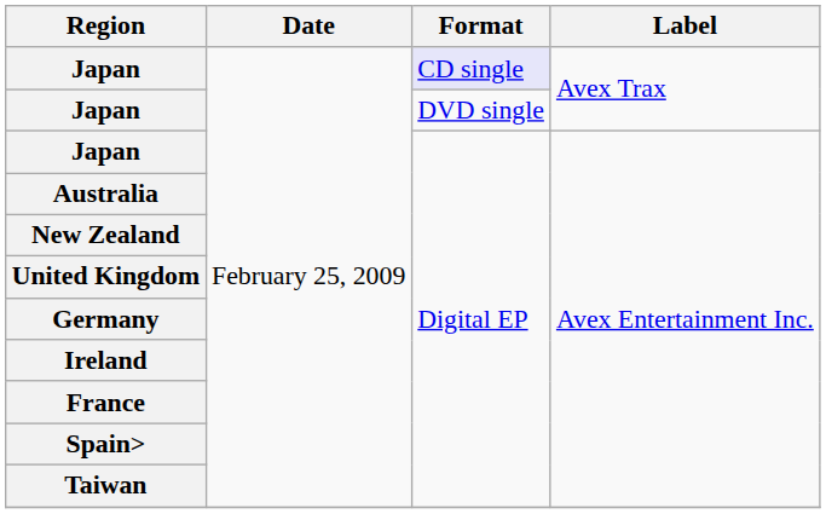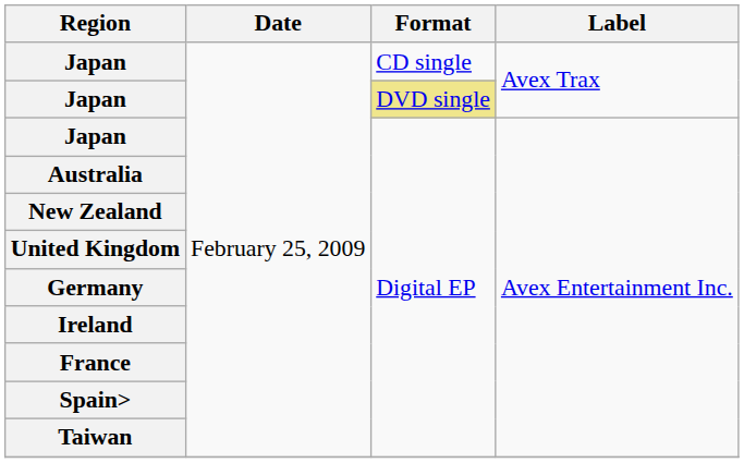 <table class="wikitable plainrowheaders">
 <tr>
 <th scope="col">Region</th>
 <th scope="col">Date</th>
 <th scope="col">Format</th>
 <th scope="col">Label</th>
 </tr>
 <tr>
 <th scope="row">Japan</th>
 <td rowspan="11">February 25, 2009</td>
-<td style="background: lavender;"><a href='#'>CD single</a></td>
+<td><a href='#'>CD single</a></td>
 <td rowspan="2"><a href='#'>Avex Trax</a></td>
 </tr>
 <tr>
 <th scope="row">Japan</th>
-<td><a href='#'>DVD single</a></td>
+<td style="background: khaki;"><a href='#'>DVD single</a></td>
 </tr>
 <tr>
 <th scope="row">Japan</th>
 <td rowspan="9"><a href='#'>Digital EP</a></td>
 <td rowspan="9"><a href='#'>Avex Entertainment Inc.</a></td>
 </tr>
 <tr>
 <th scope="row">Australia</th>
 </tr>
 <tr>
 <th scope="row">New Zealand</th>
 </tr>
 <tr>
 <th scope="row">United Kingdom</th>
 </tr>
 <tr>
 <th scope="row">Germany</th>
 </tr>
 <tr>
 <th scope="row">Ireland</th>
 </tr>
 <tr>
 <th scope="row">France</th>
 </tr>
 <tr>
 <th scope="row">Spain></th>
 </tr>
 <tr>
 <th scope="row">Taiwan</th>
 </tr>
 <tr>
 </tr>
 </table>
